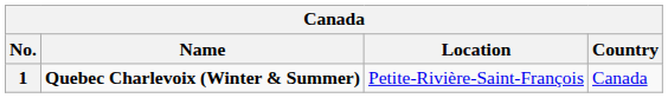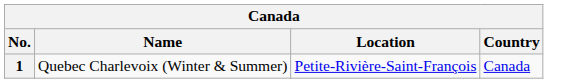 <table class="wikitable sortable">
 <tr>
 <th colspan="5">Canada</th>
 </tr>
 <tr>
 <th>No.</th>
 <th>Name</th>
 <th>Location</th>
 <th>Country</th>
 </tr>
 <tr>
 <th>1</th>
-<td><strong>Quebec Charlevoix (Winter & Summer)</strong></td>
+<td>Quebec Charlevoix (Winter & Summer)</td>
 <td><a href='#'>Petite-Rivière-Saint-François</a></td>
 <td><a href='#'>Canada</a></td>
 </tr>
 </table>
